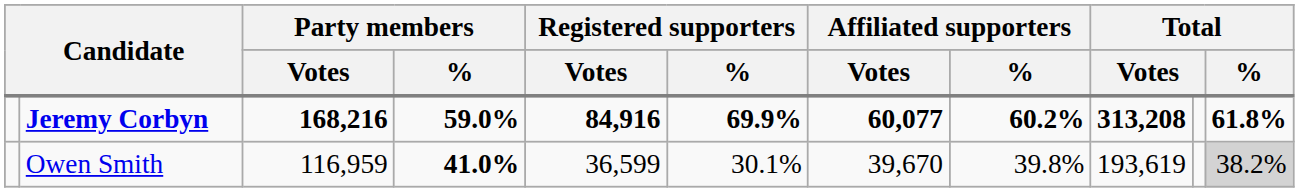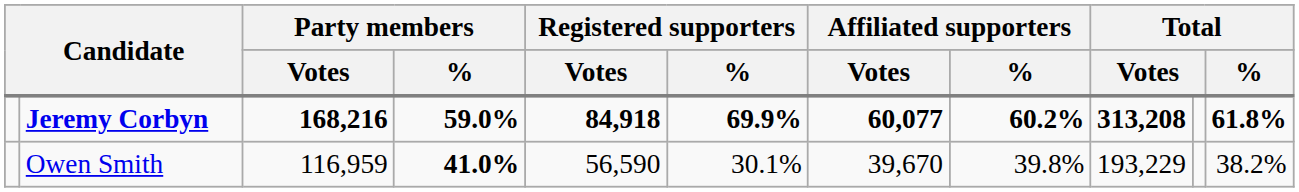 <table class="wikitable" style="font-size: 95%;">
 <tr style="background-color:#E9E9E9">
 <th colspan="2" scope="col" rowspan="2" width="125">Candidate</th>
 <th scope="col" colspan="2" width="150">Party members</th>
 <th scope="col" colspan="2" width="150">Registered supporters</th>
 <th scope="col" colspan="2" width="150">Affiliated supporters</th>
 <th scope="col" colspan="3" width="75">Total</th>
 </tr>
 <tr style="background-color:#E9E9E9; border-bottom: 2px solid gray;">
 <th>Votes</th>
 <th>%</th>
 <th>Votes</th>
 <th>%</th>
 <th>Votes</th>
 <th>%</th>
 <th scope="col" colspan="2">Votes</th>
 <th>%</th>
 </tr>
 <tr align="right">
 <td style="background-color: "></td>
 <td scope="row" align="left"><strong><a href='#'>Jeremy Corbyn</a></strong></td>
 <td><strong>168,216</strong></td>
 <td><strong>59.0%</strong></td>
-<td><strong>84,916</strong></td>
+<td><strong>84,918</strong></td>
 <td><strong>69.9%</strong></td>
 <td><strong>60,077</strong></td>
 <td><strong>60.2%</strong></td>
 <td><strong>313,208</strong></td>
 <td align=center></td>
 <td><strong>61.8%</strong></td>
 </tr>
 <tr align="right">
 <td style="background-color: "></td>
 <td scope="row" align="left"><a href='#'>Owen Smith</a></td>
 <td>116,959</td>
 <td><strong>41.0%</strong></td>
-<td>36,599</td>
+<td>56,590</td>
 <td>30.1%</td>
 <td>39,670</td>
 <td>39.8%</td>
-<td>193,619</td>
+<td>193,229</td>
 <td align=center></td>
-<td style="background: lightgrey;">38.2%</td>
+<td>38.2%</td>
 </tr>
 </table>
